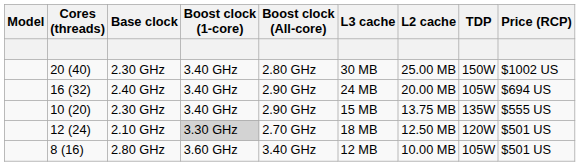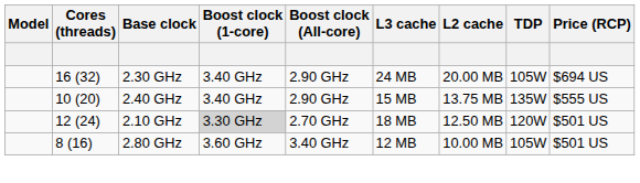 <table class="mw-datatable wikitable sortable">
 <tr>
 <th>Model</th>
 <th>Cores<br>(threads)</th>
 <th>Base clock</th>
 <th>Boost clock<br>(1-core)</th>
 <th>Boost clock<br>(All-core)</th>
 <th>L3 cache</th>
 <th>L2 cache</th>
 <th>TDP</th>
 <th>Price (RCP)</th>
 </tr>
 <tr>
 <th style="background-position:center"><br></th>
 <th style="background-position:center"></th>
 <th style="background-position:center"></th>
 <th style="background-position:center"></th>
 <th style="background-position:center"></th>
 <th style="background-position:center"></th>
 <th style="background-position:center"></th>
 <th style="background-position:center"></th>
 <th style="background-position:center"></th>
 </tr>
 <tr>
 <td></td>
-<td>20 (40)</td>
+<td>16 (32)</td>
 <td>2.30 GHz</td>
-<td>3.40 GHz</td>
-<td>2.80 GHz</td>
-<td>30 MB</td>
-<td>25.00 MB</td>
-<td>150W</td>
-<td>$1002 US</td>
-</tr>
-<tr>
-<td></td>
-<td>16 (32)</td>
-<td>2.40 GHz</td>
 <td>3.40 GHz</td>
 <td>2.90 GHz</td>
 <td>24 MB</td>
 <td>20.00 MB</td>
 <td>105W</td>
 <td>$694 US</td>
 </tr>
 <tr>
 <td></td>
 <td>10 (20)</td>
-<td>2.30 GHz</td>
+<td>2.40 GHz</td>
 <td>3.40 GHz</td>
 <td>2.90 GHz</td>
 <td>15 MB</td>
 <td>13.75 MB</td>
 <td>135W</td>
 <td>$555 US</td>
 </tr>
 <tr>
 <td></td>
 <td>12 (24)</td>
 <td>2.10 GHz</td>
 <td style="background: lightgrey;">3.30 GHz</td>
 <td>2.70 GHz</td>
 <td>18 MB</td>
 <td>12.50 MB</td>
 <td>120W</td>
 <td>$501 US</td>
 </tr>
 <tr>
 <td></td>
 <td>8 (16)</td>
 <td>2.80 GHz</td>
 <td>3.60 GHz</td>
 <td>3.40 GHz</td>
 <td>12 MB</td>
 <td>10.00 MB</td>
 <td>105W</td>
 <td>$501 US</td>
 </tr>
 </table>
